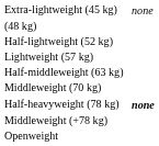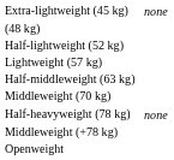 <table>
 <tr>
 <td rowspan=2>Extra-lightweight (45 kg)<br></td>
 <td rowspan=2></td>
 <td rowspan=2></td>
 <td></td>
 </tr>
 <tr>
 <td><em>none</em></td>
 </tr>
 <tr>
 <td rowspan=2>(48 kg)<br></td>
 <td rowspan=2></td>
 <td rowspan=2></td>
 <td></td>
 </tr>
 <tr>
 <td></td>
 </tr>
 <tr>
 <td rowspan=2>Half-lightweight (52 kg)<br></td>
 <td rowspan=2></td>
 <td rowspan=2></td>
 <td></td>
 </tr>
 <tr>
 <td></td>
 </tr>
 <tr>
 <td rowspan=2>Lightweight (57 kg)<br></td>
 <td rowspan=2></td>
 <td rowspan=2></td>
 <td></td>
 </tr>
 <tr>
 <td></td>
 </tr>
 <tr>
 <td rowspan=2>Half-middleweight (63 kg)<br></td>
 <td rowspan=2></td>
 <td rowspan=2></td>
 <td></td>
 </tr>
 <tr>
 <td></td>
 </tr>
 <tr>
 <td rowspan=2>Middleweight (70 kg)<br></td>
 <td rowspan=2></td>
 <td rowspan=2></td>
 <td></td>
 </tr>
 <tr>
 <td></td>
 </tr>
 <tr>
 <td rowspan=2>Half-heavyweight (78 kg)<br></td>
 <td rowspan=2></td>
 <td rowspan=2></td>
 <td></td>
 </tr>
 <tr>
-<td><strong><em>none</em></strong></td>
+<td><em>none</em></td>
 </tr>
 <tr>
 <td rowspan=2>Middleweight (+78 kg)<br></td>
 <td rowspan=2></td>
 <td rowspan=2></td>
 <td></td>
 </tr>
 <tr>
 <td></td>
 </tr>
 <tr>
 <td rowspan=2>Openweight<br></td>
 <td rowspan=2></td>
 <td rowspan=2></td>
 <td></td>
 </tr>
 <tr>
 <td></td>
 </tr>
 </table>
